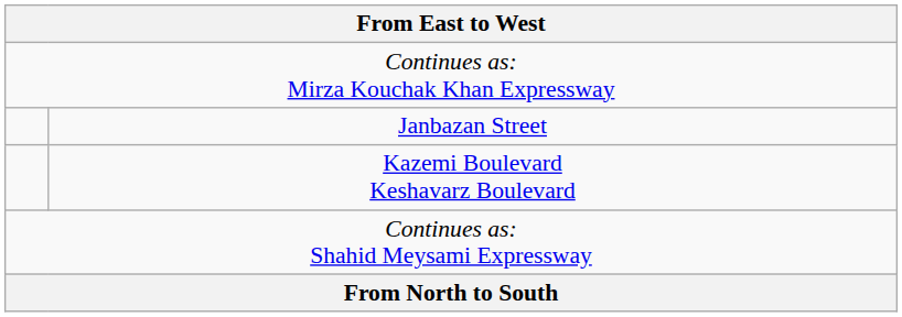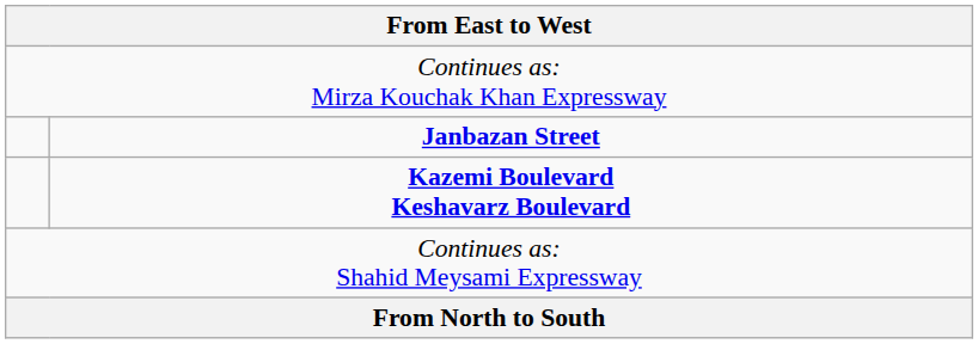 <table class="wikitable" style="text-align:center" width="600px">
 <tr>
 <th text-align="center" colspan="3"> From East to West </th>
 </tr>
 <tr>
 <td colspan="7" align="center"><em>Continues as:</em><br> <a href='#'>Mirza Kouchak Khan Expressway</a></td>
 </tr>
 <tr>
 <td><br></td>
-<td> <a href='#'>Janbazan Street</a><br></td>
+<td><strong> <a href='#'>Janbazan Street</a><br></strong></td>
 </tr>
 <tr>
 <td><br></td>
-<td> <a href='#'>Kazemi Boulevard</a><br> <a href='#'>Keshavarz Boulevard</a></td>
+<td><strong> <a href='#'>Kazemi Boulevard</a><br> <a href='#'>Keshavarz Boulevard</a></strong></td>
 </tr>
 <tr>
 <td colspan="7" align="center"><em>Continues as:</em><br> <a href='#'>Shahid Meysami Expressway</a></td>
 </tr>
 <tr>
 <th text-align="center" colspan="3"> From North to South </th>
 </tr>
 </table>
